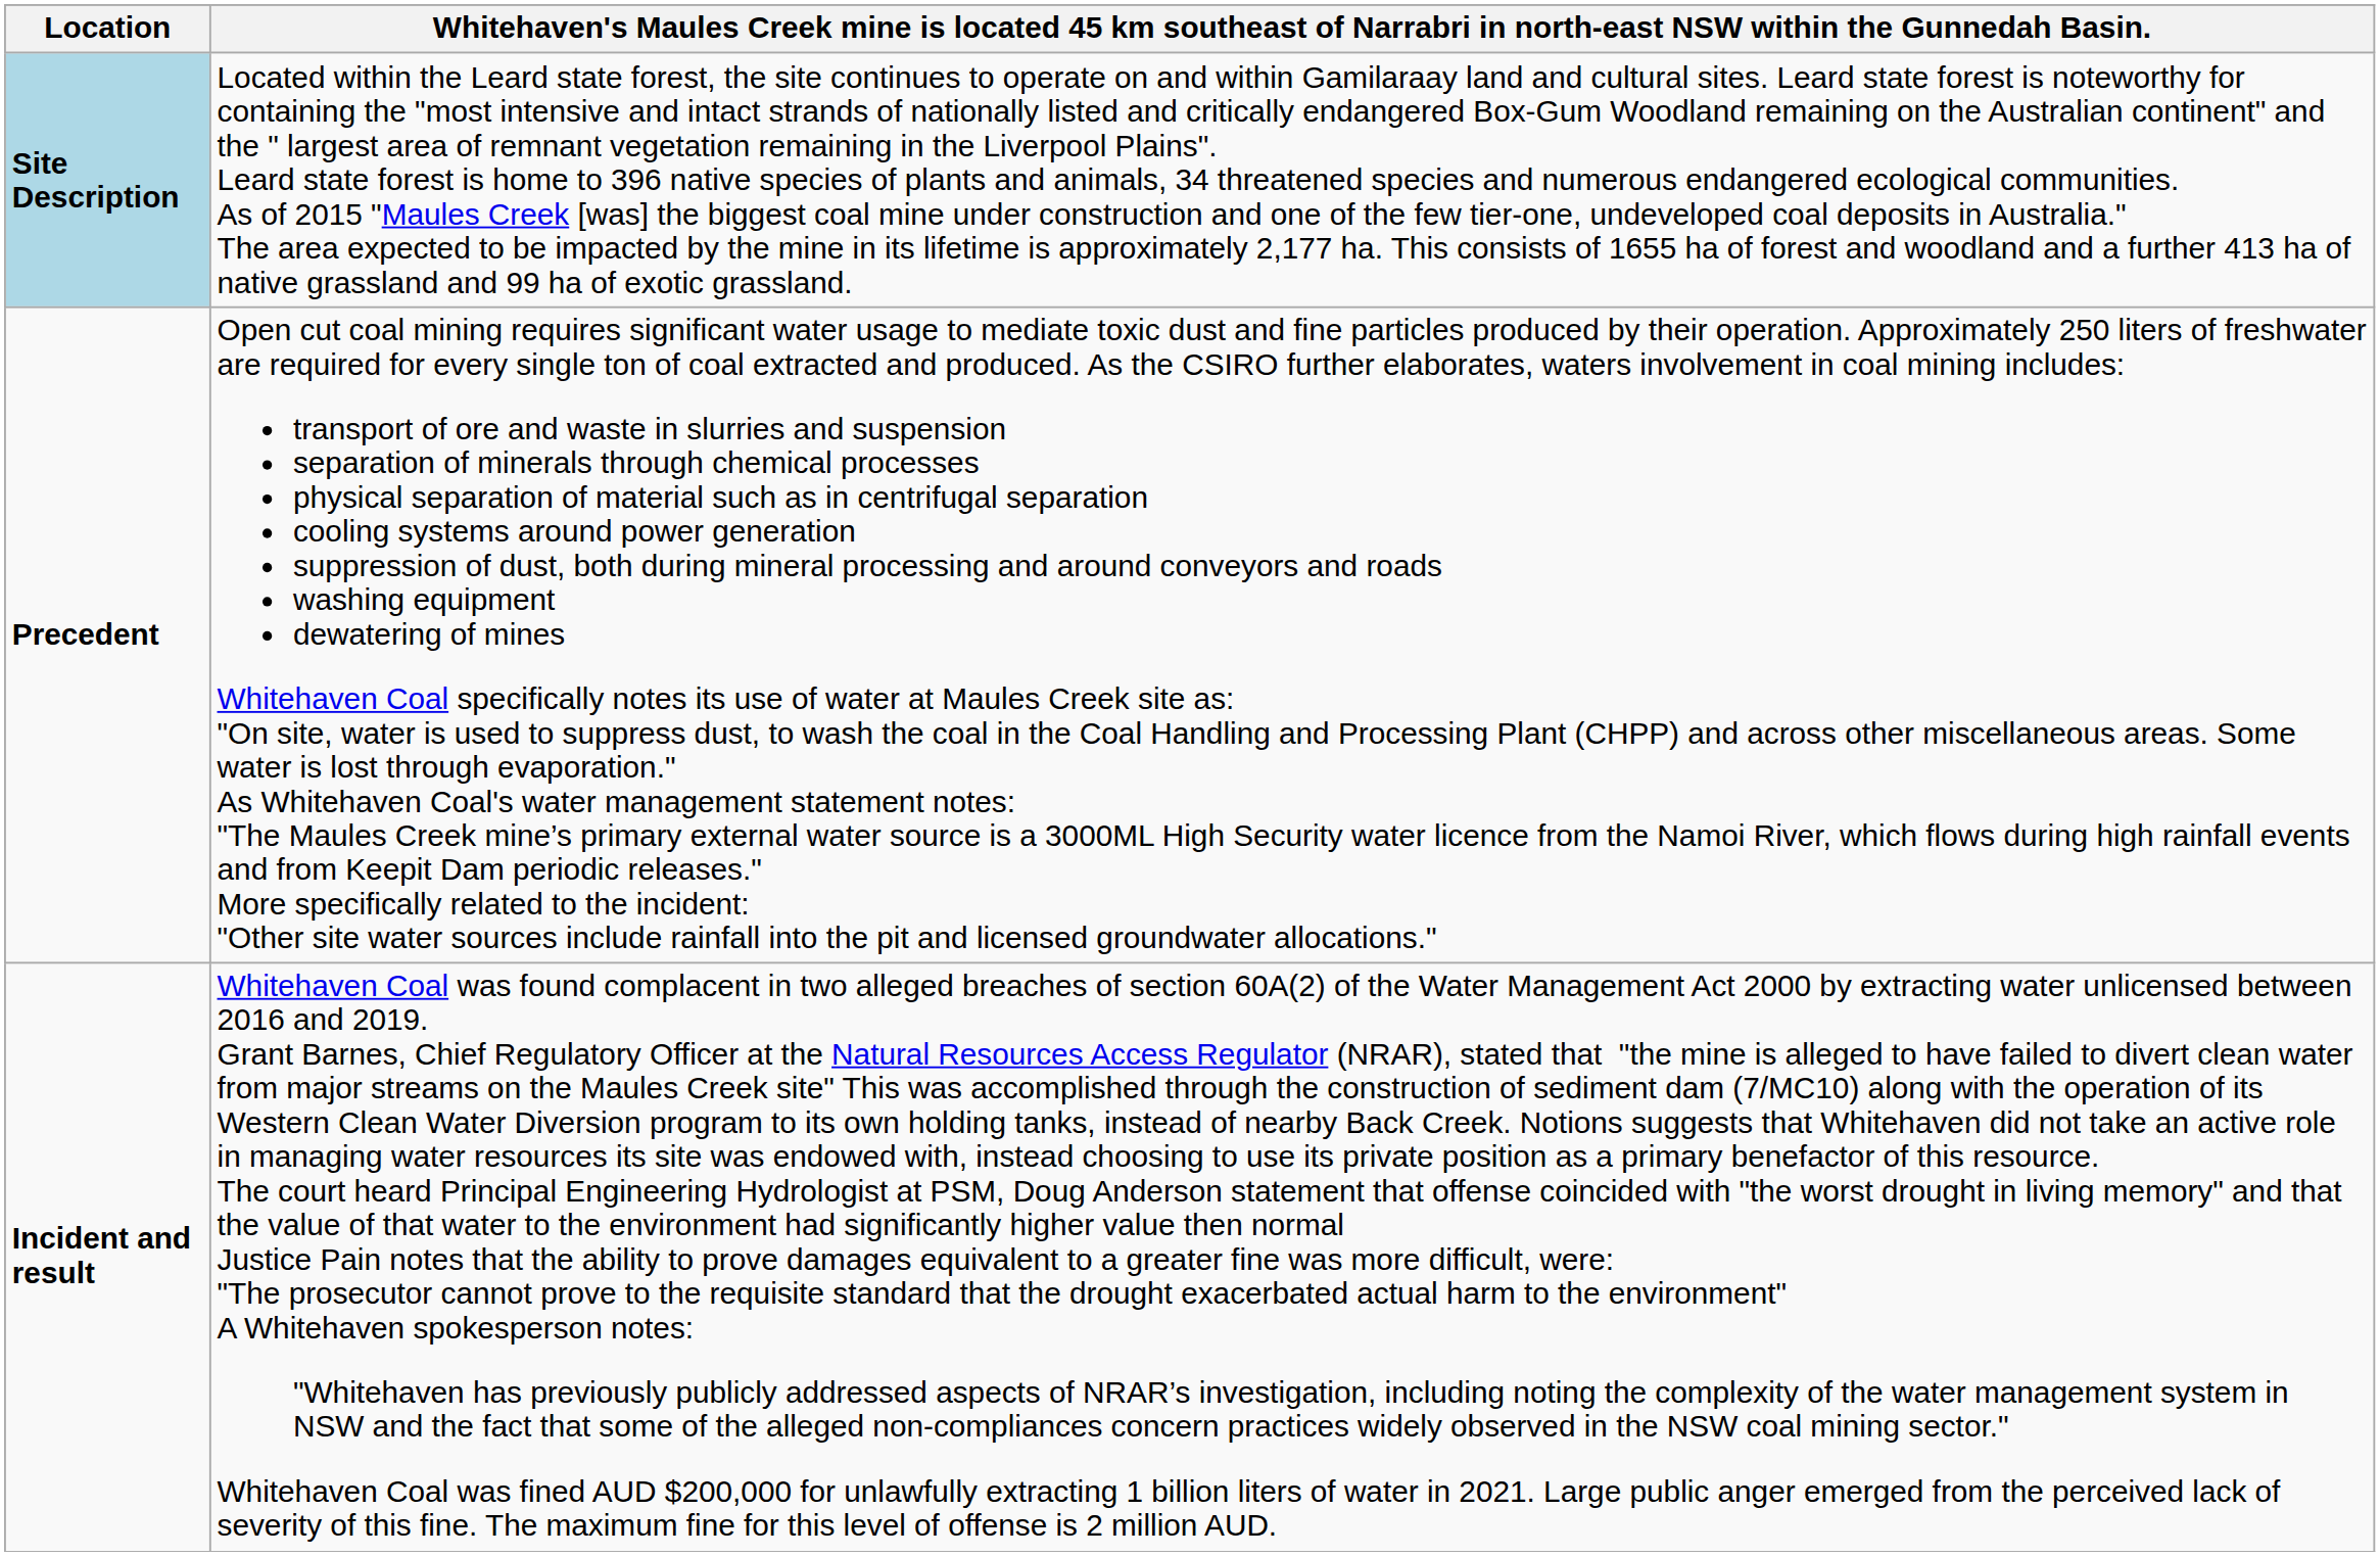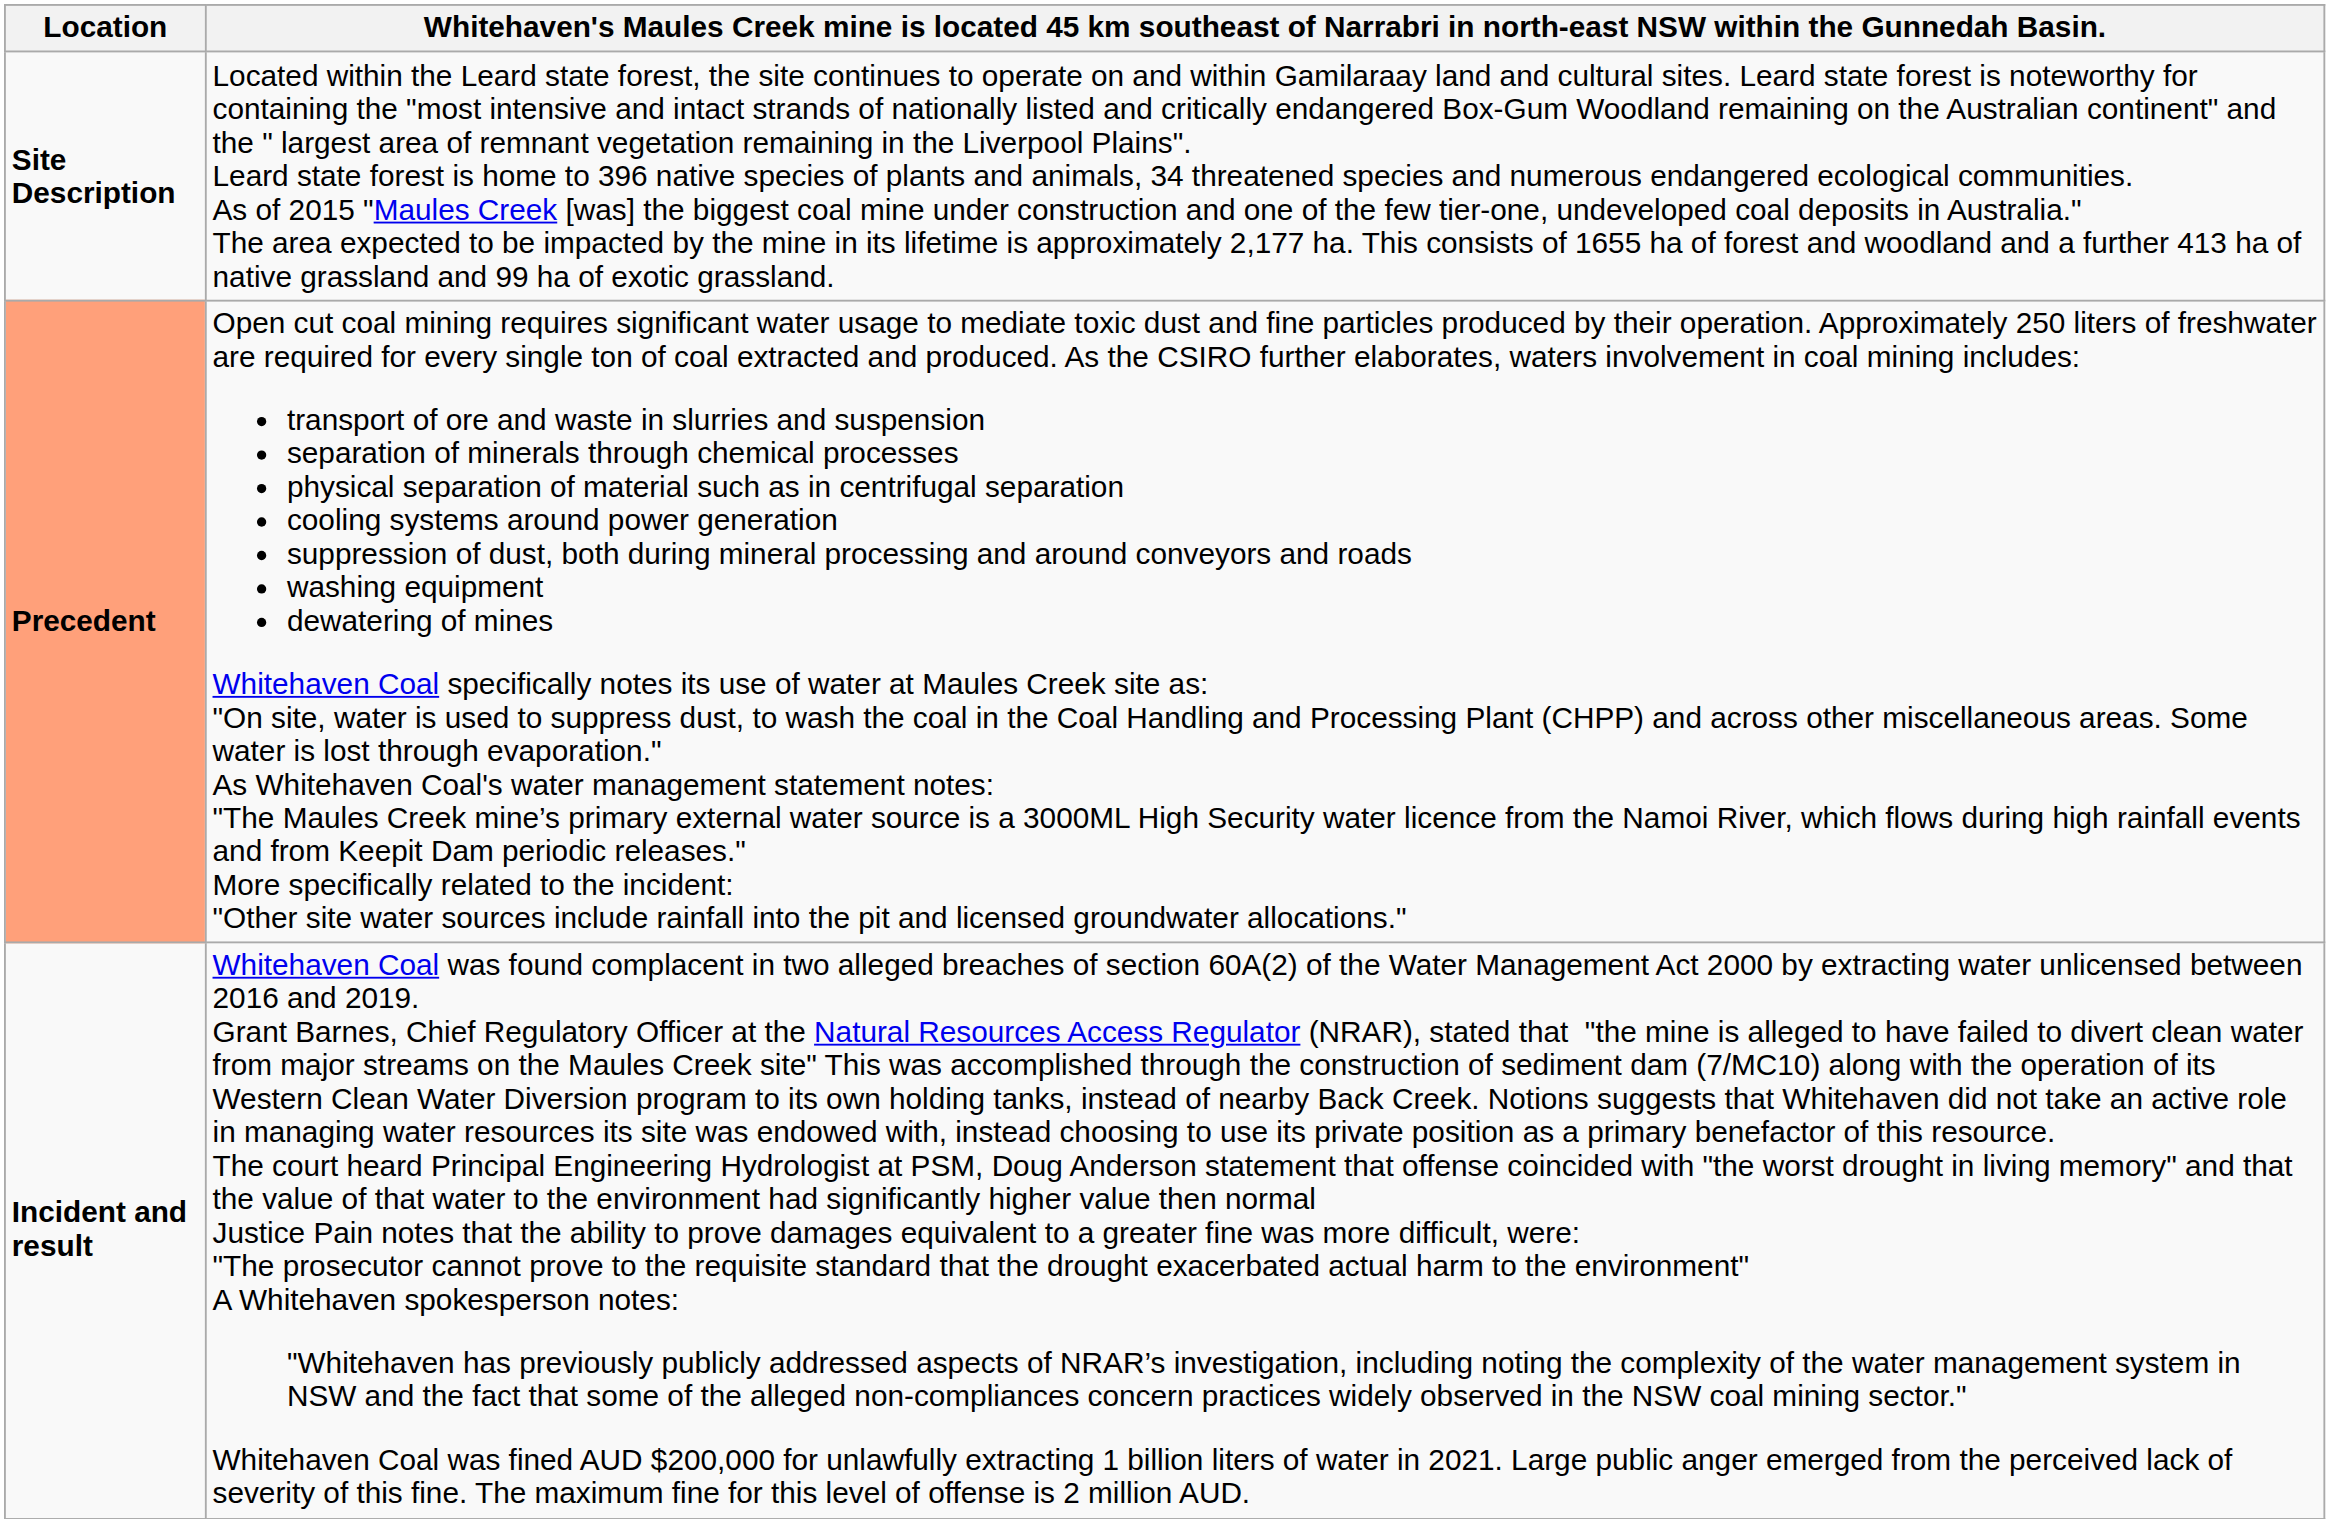 <table class="wikitable">
 <tr>
 <th>Location</th>
 <th>Whitehaven's Maules Creek mine is located 45 km southeast of Narrabri in north-east NSW within the Gunnedah Basin.</th>
 </tr>
 <tr>
-<td style="background: lightblue;"><strong>Site Description</strong></td>
+<td><strong>Site Description</strong></td>
 <td>Located within the Leard state forest, the site continues to operate on and within Gamilaraay land and cultural sites. Leard state forest is noteworthy for containing the "most intensive and intact strands of nationally listed and critically endangered Box-Gum Woodland remaining on the Australian continent" and the " largest area of remnant vegetation remaining in the Liverpool Plains".<br>Leard state forest is home to 396 native species of plants and animals, 34 threatened species and numerous endangered ecological communities.<br>As of 2015 "<a href='#'>Maules Creek</a> [was] the biggest coal mine under construction and one of the few tier-one, undeveloped coal deposits in Australia."<br>The area expected to be impacted by the mine in its lifetime is approximately 2,177 ha. This consists of 1655 ha of forest and woodland and a further 413 ha of native grassland and 99 ha of exotic grassland.</td>
 </tr>
 <tr>
-<td><strong>Precedent</strong></td>
+<td style="background: lightsalmon;"><strong>Precedent</strong></td>
 <td>Open cut coal mining requires significant water usage to mediate toxic dust and fine particles produced by their operation. Approximately 250 liters of freshwater are required for every single ton of coal extracted and produced. As the CSIRO further elaborates, waters involvement in coal mining includes:<br><ul><li>transport of ore and waste in slurries and suspension</li><li>separation of minerals through chemical processes</li><li>physical separation of material such as in centrifugal separation</li><li>cooling systems around power generation</li><li>suppression of dust, both during mineral processing and around conveyors and roads</li><li>washing equipment</li><li>dewatering of mines</li></ul><a href='#'>Whitehaven Coal</a> specifically notes its use of water at Maules Creek site as:<br>"On site, water is used to suppress dust, to wash the coal in the Coal Handling and Processing Plant (CHPP) and across other miscellaneous areas. Some water is lost through evaporation."<br>As Whitehaven Coal's water management statement notes:<br>"The Maules Creek mine’s primary external water source is a 3000ML High Security water licence from the Namoi River, which flows during high rainfall events and from Keepit Dam periodic releases."<br>More specifically related to the incident:<br>"Other site water sources include rainfall into the pit and licensed groundwater allocations."</td>
 </tr>
 <tr>
 <td><strong>Incident and result</strong></td>
 <td><a href='#'>Whitehaven Coal</a> was found complacent in two alleged breaches of section 60A(2) of the Water Management Act 2000 by extracting water unlicensed between 2016 and 2019.<br>Grant Barnes, Chief Regulatory Officer at the <a href='#'>Natural Resources Access Regulator</a> (NRAR), stated that  "the mine is alleged to have failed to divert clean water from major streams on the Maules Creek site" This was accomplished through the construction of sediment dam (7/MC10) along with the operation of its Western Clean Water Diversion program to its own holding tanks, instead of nearby Back Creek. Notions suggests that Whitehaven did not take an active role in managing water resources its site was endowed with, instead choosing to use its private position as a primary benefactor of this resource.<br>The court heard Principal Engineering Hydrologist at PSM, Doug Anderson statement that offense coincided with "the worst drought in living memory"  and that the value of that water to the environment had significantly higher value then normal<br>Justice Pain notes that the ability to prove damages equivalent to a greater fine was more difficult, were:<br>"The prosecutor cannot prove to the requisite standard that the drought exacerbated actual harm to the environment"<br>A Whitehaven spokesperson notes:<blockquote>"Whitehaven has previously publicly addressed aspects of NRAR’s investigation, including noting the complexity of the water management system in NSW and the fact that some of the alleged non-compliances concern practices widely observed in the NSW coal mining sector."</blockquote>Whitehaven Coal was fined AUD $200,000 for unlawfully extracting 1 billion liters of water in 2021. Large public anger emerged from the perceived lack of severity of this fine. The maximum fine for this level of offense is 2 million AUD.</td>
 </tr>
 </table>
